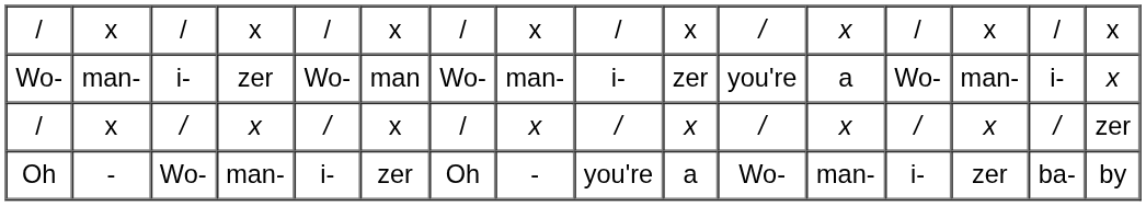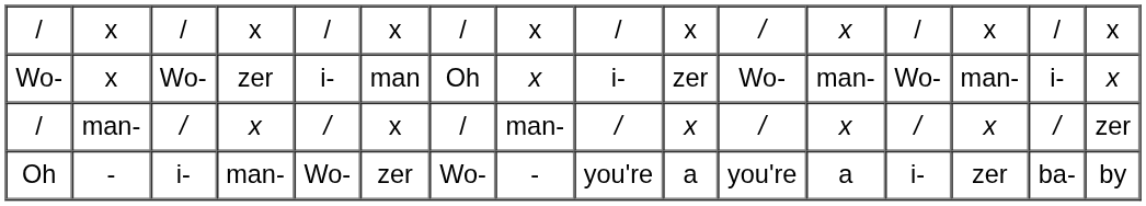 <table border=1 cellspacing=0 cellpadding=5 style="text-align:center;">
 <tr>
 <td>/</td>
 <td>x</td>
 <td>/</td>
 <td>x</td>
 <td>/</td>
 <td>x</td>
 <td>/</td>
 <td>x</td>
 <td>/</td>
 <td>x</td>
 <td><em>/</em></td>
 <td><em>x</em></td>
 <td>/</td>
 <td>x</td>
 <td>/</td>
 <td>x</td>
 </tr>
 <tr>
 <td>Wo-</td>
-<td>man-</td>
+<td>x</td>
+<td>Wo-</td>
+<td>zer</td>
+<td>i-</td>
+<td>man</td>
+<td>Oh</td>
+<td><em>x</em></td>
 <td>i-</td>
 <td>zer</td>
 <td>Wo-</td>
-<td>man</td>
-<td>Wo-</td>
 <td>man-</td>
-<td>i-</td>
-<td>zer</td>
-<td>you're</td>
-<td>a</td>
 <td>Wo-</td>
 <td>man-</td>
 <td>i-</td>
 <td><em>x</em></td>
 </tr>
 <tr>
 <td>/</td>
-<td>x</td>
+<td>man-</td>
 <td><em>/</em></td>
 <td><em>x</em></td>
 <td><em>/</em></td>
 <td>x</td>
 <td>/</td>
-<td><em>x</em></td>
+<td>man-</td>
 <td><em>/</em></td>
 <td><em>x</em></td>
 <td><em>/</em></td>
 <td><em>x</em></td>
 <td><em>/</em></td>
 <td><em>x</em></td>
 <td><em>/</em></td>
 <td>zer</td>
 </tr>
 <tr>
 <td>Oh</td>
 <td>-</td>
+<td>i-</td>
+<td>man-</td>
 <td>Wo-</td>
-<td>man-</td>
-<td>i-</td>
 <td>zer</td>
-<td>Oh</td>
+<td>Wo-</td>
 <td>-</td>
 <td>you're</td>
 <td>a</td>
-<td>Wo-</td>
-<td>man-</td>
+<td>you're</td>
+<td>a</td>
 <td>i-</td>
 <td>zer</td>
 <td>ba-</td>
 <td>by</td>
 </tr>
 </table>
